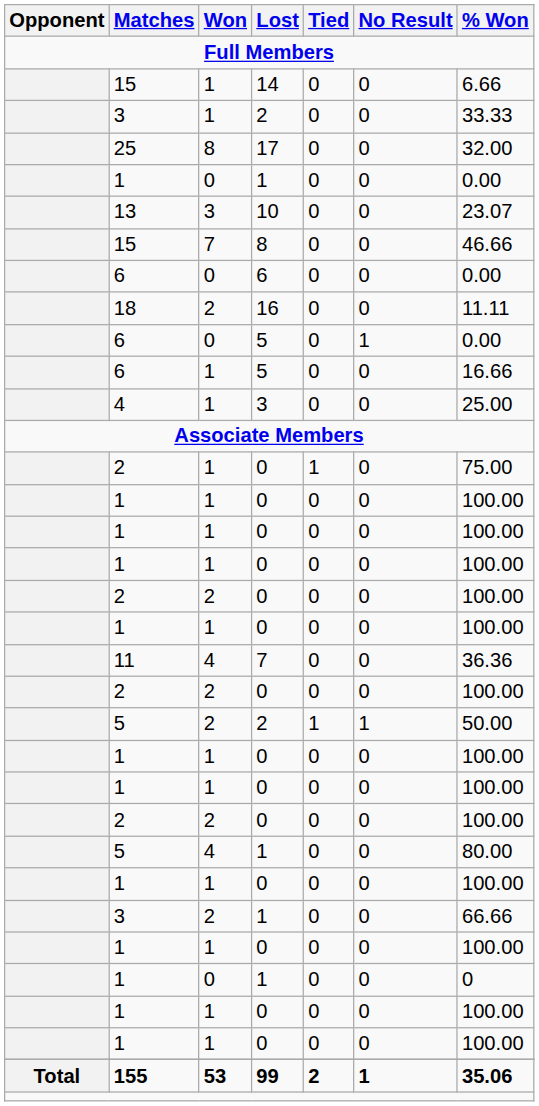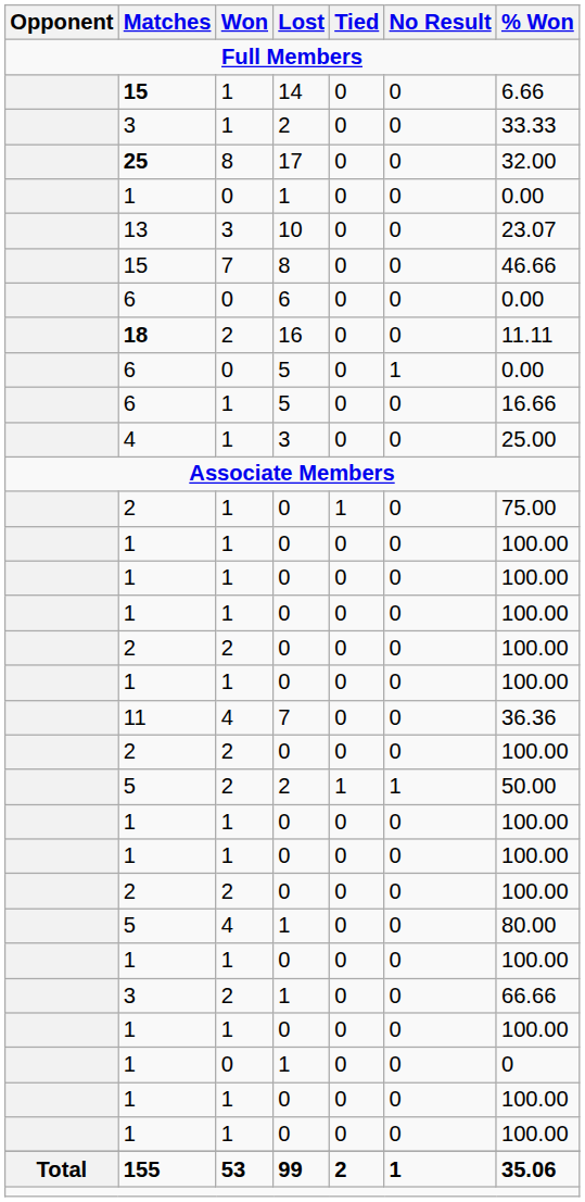 <table class="wikitable plainrowheaders sortable">
 <tr>
 <th scope="col">Opponent</th>
 <th scope="col"><a href='#'>Matches</a></th>
 <th scope="col"><a href='#'>Won</a></th>
 <th scope="col"><a href='#'>Lost</a></th>
 <th scope="col"><a href='#'>Tied</a></th>
 <th scope="col"><a href='#'>No Result</a></th>
 <th scope="col"><a href='#'>% Won</a></th>
 </tr>
 <tr>
 <td style="text-align: center;" colspan="9"><strong><a href='#'>Full Members</a></strong></td>
 </tr>
 <tr>
 <th scope=row></th>
-<td>15</td>
+<td><strong>15</strong></td>
 <td>1</td>
 <td>14</td>
 <td>0</td>
 <td>0</td>
 <td>6.66</td>
 </tr>
 <tr>
 <th scope=row></th>
 <td>3</td>
 <td>1</td>
 <td>2</td>
 <td>0</td>
 <td>0</td>
 <td>33.33</td>
 </tr>
 <tr>
 <th scope=row></th>
-<td>25</td>
+<td><strong>25</strong></td>
 <td>8</td>
 <td>17</td>
 <td>0</td>
 <td>0</td>
 <td>32.00</td>
 </tr>
 <tr>
 <th scope=row></th>
 <td>1</td>
 <td>0</td>
 <td>1</td>
 <td>0</td>
 <td>0</td>
 <td>0.00</td>
 </tr>
 <tr>
 <th scope=row></th>
 <td>13</td>
 <td>3</td>
 <td>10</td>
 <td>0</td>
 <td>0</td>
 <td>23.07</td>
 </tr>
 <tr>
 <th scope=row></th>
 <td>15</td>
 <td>7</td>
 <td>8</td>
 <td>0</td>
 <td>0</td>
 <td>46.66</td>
 </tr>
 <tr>
 <th scope=row></th>
 <td>6</td>
 <td>0</td>
 <td>6</td>
 <td>0</td>
 <td>0</td>
 <td>0.00</td>
 </tr>
 <tr>
 <th scope=row></th>
-<td>18</td>
+<td><strong>18</strong></td>
 <td>2</td>
 <td>16</td>
 <td>0</td>
 <td>0</td>
 <td>11.11</td>
 </tr>
 <tr>
 <th scope=row></th>
 <td>6</td>
 <td>0</td>
 <td>5</td>
 <td>0</td>
 <td>1</td>
 <td>0.00</td>
 </tr>
 <tr>
 <th scope=row></th>
 <td>6</td>
 <td>1</td>
 <td>5</td>
 <td>0</td>
 <td>0</td>
 <td>16.66</td>
 </tr>
 <tr>
 <th scope=row></th>
 <td>4</td>
 <td>1</td>
 <td>3</td>
 <td>0</td>
 <td>0</td>
 <td>25.00</td>
 </tr>
 <tr>
 <td colspan="10" style="text-align: center;"><strong><a href='#'>Associate Members</a></strong></td>
 </tr>
 <tr>
 <th scope=row></th>
 <td>2</td>
 <td>1</td>
 <td>0</td>
 <td>1</td>
 <td>0</td>
 <td>75.00</td>
 </tr>
 <tr>
 <th scope=row></th>
 <td>1</td>
 <td>1</td>
 <td>0</td>
 <td>0</td>
 <td>0</td>
 <td>100.00</td>
 </tr>
 <tr>
 <th scope=row></th>
 <td>1</td>
 <td>1</td>
 <td>0</td>
 <td>0</td>
 <td>0</td>
 <td>100.00</td>
 </tr>
 <tr>
 <th scope=row></th>
 <td>1</td>
 <td>1</td>
 <td>0</td>
 <td>0</td>
 <td>0</td>
 <td>100.00</td>
 </tr>
 <tr>
 <th scope=row></th>
 <td>2</td>
 <td>2</td>
 <td>0</td>
 <td>0</td>
 <td>0</td>
 <td>100.00</td>
 </tr>
 <tr>
 <th scope=row></th>
 <td>1</td>
 <td>1</td>
 <td>0</td>
 <td>0</td>
 <td>0</td>
 <td>100.00</td>
 </tr>
 <tr>
 <th scope=row></th>
 <td>11</td>
 <td>4</td>
 <td>7</td>
 <td>0</td>
 <td>0</td>
 <td>36.36</td>
 </tr>
 <tr>
 <th scope=row></th>
 <td>2</td>
 <td>2</td>
 <td>0</td>
 <td>0</td>
 <td>0</td>
 <td>100.00</td>
 </tr>
 <tr>
 <th scope=row></th>
 <td>5</td>
 <td>2</td>
 <td>2</td>
 <td>1</td>
 <td>1</td>
 <td>50.00</td>
 </tr>
 <tr>
 <th scope=row></th>
 <td>1</td>
 <td>1</td>
 <td>0</td>
 <td>0</td>
 <td>0</td>
 <td>100.00</td>
 </tr>
 <tr>
 <th scope=row></th>
 <td>1</td>
 <td>1</td>
 <td>0</td>
 <td>0</td>
 <td>0</td>
 <td>100.00</td>
 </tr>
 <tr>
 <th scope=row></th>
 <td>2</td>
 <td>2</td>
 <td>0</td>
 <td>0</td>
 <td>0</td>
 <td>100.00</td>
 </tr>
 <tr>
 <th scope=row></th>
 <td>5</td>
 <td>4</td>
 <td>1</td>
 <td>0</td>
 <td>0</td>
 <td>80.00</td>
 </tr>
 <tr>
 <th scope=row></th>
 <td>1</td>
 <td>1</td>
 <td>0</td>
 <td>0</td>
 <td>0</td>
 <td>100.00</td>
 </tr>
 <tr>
 <th scope=row></th>
 <td>3</td>
 <td>2</td>
 <td>1</td>
 <td>0</td>
 <td>0</td>
 <td>66.66</td>
 </tr>
 <tr>
 <th scope=row></th>
 <td>1</td>
 <td>1</td>
 <td>0</td>
 <td>0</td>
 <td>0</td>
 <td>100.00</td>
 </tr>
 <tr>
 <th scope=row></th>
 <td>1</td>
 <td>0</td>
 <td>1</td>
 <td>0</td>
 <td>0</td>
 <td>0</td>
 </tr>
 <tr>
 <th scope=row></th>
 <td>1</td>
 <td>1</td>
 <td>0</td>
 <td>0</td>
 <td>0</td>
 <td>100.00</td>
 </tr>
 <tr>
 <th scope=row></th>
 <td>1</td>
 <td>1</td>
 <td>0</td>
 <td>0</td>
 <td>0</td>
 <td>100.00</td>
 </tr>
 <tr>
 </tr>
 <tr class="sortbottom">
 <th scope="row" style="text-align:center">Total</th>
 <td><strong>155</strong></td>
 <td><strong>53</strong></td>
 <td><strong>99</strong></td>
 <td><strong>2</strong></td>
 <td><strong>1</strong></td>
 <td><strong>35.06</strong></td>
 </tr>
 <tr>
 <td colspan=10></td>
 </tr>
 </table>
